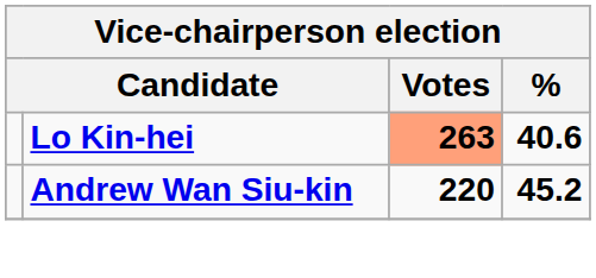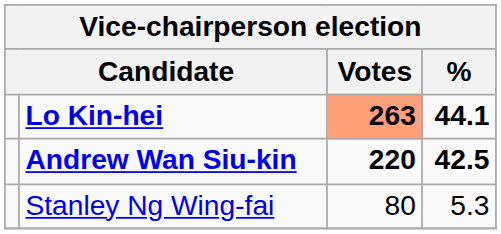 <table class="wikitable" style="text-align:right; width:280px">
 <tr>
 <th colspan=4>Vice-chairperson election</th>
 </tr>
 <tr>
 <th colspan=2>Candidate</th>
 <th>Votes</th>
 <th>%</th>
 </tr>
 <tr>
 <td></td>
 <td align=left><strong><a href='#'>Lo Kin-hei</a></strong></td>
 <td style="background: lightsalmon;"><strong>263</strong></td>
-<td><strong>40.6</strong></td>
+<td><strong>44.1</strong></td>
 </tr>
 <tr>
 <td></td>
 <td align=left><strong><a href='#'>Andrew Wan Siu-kin</a></strong></td>
 <td><strong>220</strong></td>
-<td><strong>45.2</strong></td>
+<td><strong>42.5</strong></td>
+</tr>
+<tr>
+<td></td>
+<td align=left><a href='#'>Stanley Ng Wing-fai</a></td>
+<td>80</td>
+<td>5.3</td>
 </tr>
 <tr>
 </tr>
 </table>
